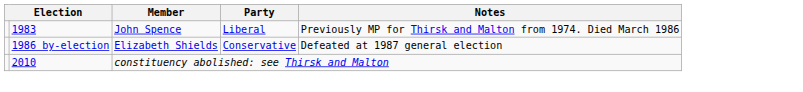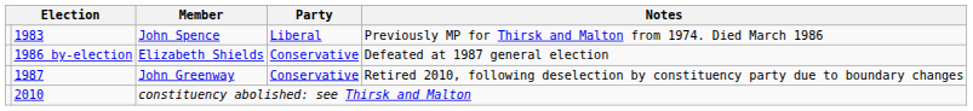 <table class="wikitable">
 <tr>
 <th colspan="2">Election</th>
 <th>Member</th>
 <th>Party</th>
 <th>Notes</th>
 </tr>
 <tr>
 <td style="color:inherit;background-color: "></td>
 <td><a href='#'>1983</a></td>
 <td><a href='#'>John Spence</a></td>
 <td><a href='#'>Liberal</a></td>
 <td>Previously MP for <a href='#'>Thirsk and Malton</a> from 1974. Died March 1986</td>
 </tr>
 <tr>
 <td style="color:inherit;background-color: "></td>
 <td><a href='#'>1986 by-election</a></td>
 <td><a href='#'>Elizabeth Shields</a></td>
 <td><a href='#'>Conservative</a></td>
 <td>Defeated at 1987 general election</td>
 </tr>
 <tr>
+<td style="color:inherit;background-color: "></td>
+<td><a href='#'>1987</a></td>
+<td><a href='#'>John Greenway</a></td>
+<td><a href='#'>Conservative</a></td>
+<td>Retired 2010, following deselection by constituency party due to boundary changes</td>
+</tr>
+<tr>
 <td></td>
 <td><a href='#'>2010</a></td>
 <td colspan="3"><em>constituency abolished: see <a href='#'>Thirsk and Malton</a></em></td>
 </tr>
 </table>
